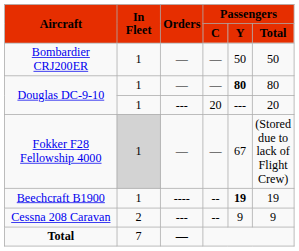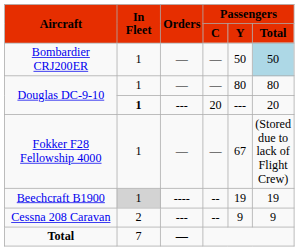 <table class="wikitable toccolours" border="1" cellpadding="3" style="border-collapse:collapse;text-align:center;margin:1em auto;">
 <tr bgcolor=#E62E00>
 <th rowspan="2" style="background:#E62E00; width:140px;"><span> Aircraft</span></th>
 <th rowspan="2" style="background:#E62E00; width:50px;"><span> In Fleet</span></th>
 <th rowspan="2" style="background:#E62E00; width:40px;"><span> Orders</span></th>
 <th colspan="3" style="background:#E62E00;"><span> Passengers</span></th>
 </tr>
 <tr>
 <th style="background:#E62E00; width:25px;"><abbr><span>C</span></abbr></th>
 <th style="background:#E62E00; width:25px;"><abbr><span>Y</span></abbr></th>
 <th style="background:#E62E00; width:25px;"><span> Total</span></th>
 </tr>
 <tr>
 <td><a href='#'>Bombardier CRJ200ER</a></td>
 <td>1</td>
 <td>—</td>
 <td>—</td>
 <td>50</td>
-<td>50</td>
+<td style="background: lightblue;">50</td>
 </tr>
 <tr>
 <td rowspan="2"><a href='#'>Douglas DC-9-10</a></td>
 <td>1</td>
 <td>—</td>
 <td>—</td>
-<td><strong>80</strong></td>
+<td>80</td>
 <td>80</td>
 </tr>
 <tr>
-<td>1</td>
+<td><strong>1</strong></td>
 <td>---</td>
 <td>20</td>
 <td>---</td>
 <td>20</td>
 </tr>
 <tr>
 <td><a href='#'>Fokker F28 Fellowship 4000</a></td>
-<td style="background: lightgrey;">1</td>
+<td>1</td>
 <td>—</td>
 <td>—</td>
 <td>67</td>
 <td>(Stored due to lack of Flight Crew)</td>
 </tr>
 <tr>
 <td><a href='#'>Beechcraft B1900</a></td>
-<td>1</td>
+<td style="background: lightgrey;">1</td>
 <td>----</td>
 <td>--</td>
-<td><strong>19</strong></td>
+<td>19</td>
 <td>19</td>
 </tr>
 <tr>
 <td><a href='#'>Cessna 208 Caravan</a></td>
 <td>2</td>
 <td>---</td>
 <td>--</td>
 <td>9</td>
 <td>9</td>
 </tr>
 <tr>
 <td><strong>Total</strong></td>
 <td>7</td>
 <td><strong>—</strong></td>
 <td colspan="3"></td>
 </tr>
 </table>
